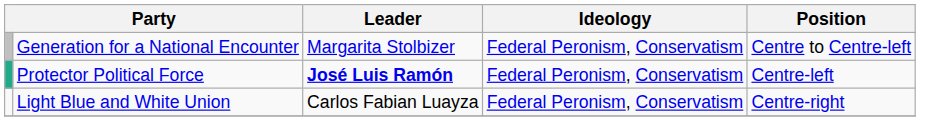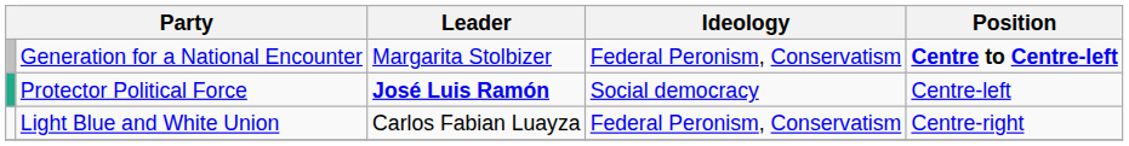 <table class="wikitable" style="font-size:95%">
 <tr>
 <th colspan=2>Party</th>
 <th>Leader</th>
 <th>Ideology</th>
 <th>Position</th>
 </tr>
 <tr>
 <td bgcolor="#C0C0C0"></td>
 <td><a href='#'>Generation for a National Encounter</a></td>
 <td><a href='#'>Margarita Stolbizer</a></td>
 <td><a href='#'>Federal Peronism</a>, <a href='#'>Conservatism</a></td>
-<td><a href='#'>Centre</a> to <a href='#'>Centre-left</a></td>
+<td><strong><a href='#'>Centre</a> to <a href='#'>Centre-left</a></strong></td>
 </tr>
 <tr>
 <td bgcolor="#1FAA89"></td>
 <td><a href='#'>Protector Political Force</a></td>
 <td><strong><a href='#'>José Luis Ramón</a></strong></td>
-<td><a href='#'>Federal Peronism</a>, <a href='#'>Conservatism</a></td>
+<td><a href='#'>Social democracy</a></td>
 <td><a href='#'>Centre-left</a></td>
 </tr>
 <tr>
 <td></td>
 <td><a href='#'>Light Blue and White Union</a></td>
 <td>Carlos Fabian Luayza</td>
 <td><a href='#'>Federal Peronism</a>, <a href='#'>Conservatism</a></td>
 <td><a href='#'>Centre-right</a></td>
 </tr>
 <tr>
 </tr>
 </table>
